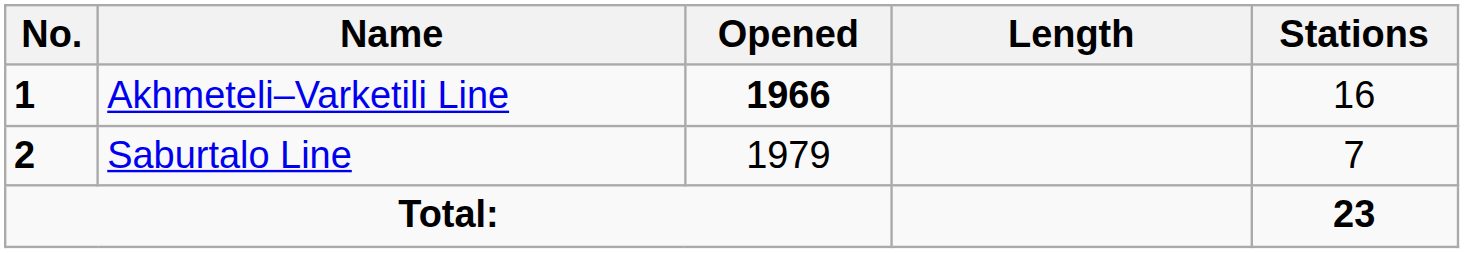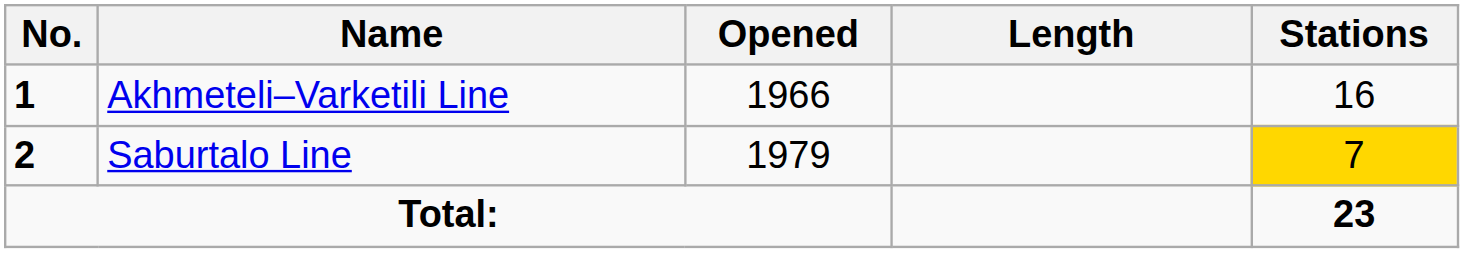 <table class="wikitable">
 <tr>
 <th style="width: 2em;">No.</th>
 <th style="width: 15em;">Name</th>
 <th style="width: 5em;">Opened</th>
 <th style="width: 9em;">Length</th>
 <th style="width: 5em;">Stations</th>
 </tr>
 <tr>
 <td style="background:#"><strong>1</strong></td>
 <td style="text-align: left;"><a href='#'>Akhmeteli–Varketili Line</a></td>
-<td style="text-align: center;"><strong>1966</strong></td>
+<td style="text-align: center;">1966</td>
 <td style="text-align: right;"></td>
 <td style="text-align: center;">16</td>
 </tr>
 <tr>
 <td style="background:#"><strong>2</strong></td>
 <td style="text-align: left;"><a href='#'>Saburtalo Line</a></td>
 <td style="text-align: center;">1979</td>
 <td style="text-align: right;"></td>
-<td style="text-align: center;">7</td>
+<td style="background: gold; text-align: center;">7</td>
 </tr>
 <tr>
 <td colspan="3" style="text-align: center;"><strong>Total:</strong></td>
 <td style="text-align: right;"><strong></strong></td>
 <td style="text-align: center;"><strong>23</strong></td>
 </tr>
 </table>
